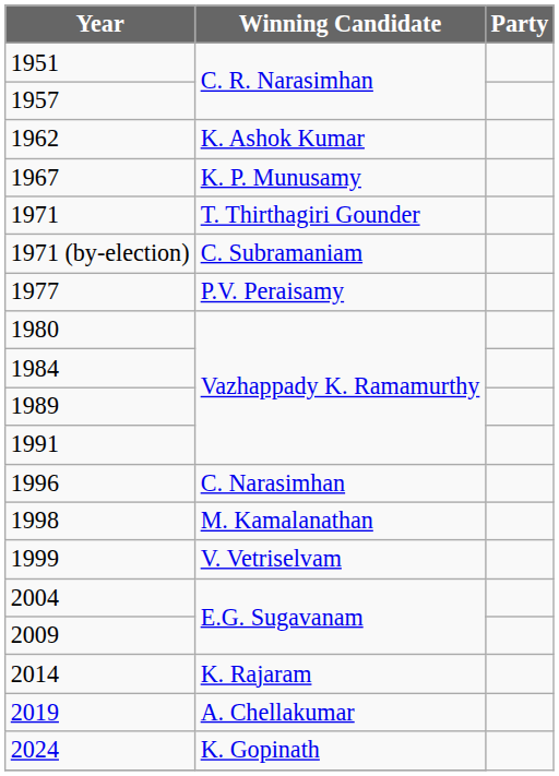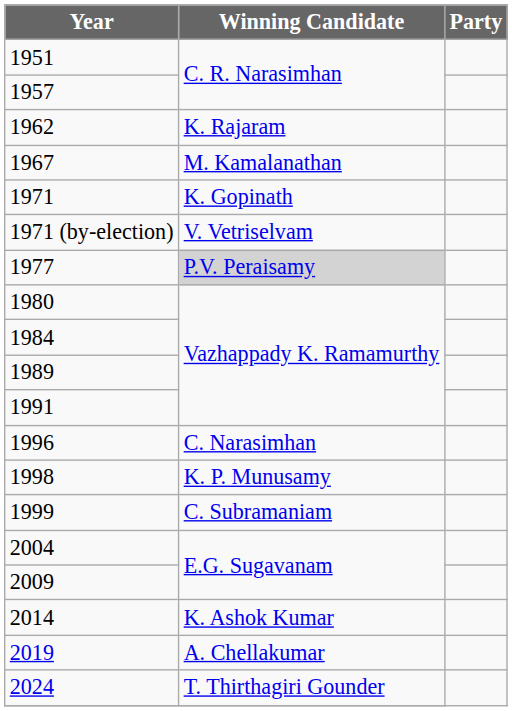 <table class="wikitable sortable">
 <tr>
 <th style="background-color:#666666; color:white">Year</th>
 <th style="background-color:#666666; color:white">Winning Candidate</th>
 <th style="background-color:#666666; color:white; " colspan="2">Party</th>
 </tr>
 <tr>
 <td>1951</td>
 <td rowspan="2"><a href='#'>C. R. Narasimhan</a></td>
 <td></td>
 </tr>
 <tr>
 <td>1957</td>
 <td></td>
 </tr>
 <tr>
 <td>1962</td>
-<td><a href='#'>K. Ashok Kumar</a></td>
+<td><a href='#'>K. Rajaram</a></td>
 <td></td>
 </tr>
 <tr>
 <td>1967</td>
-<td><a href='#'>K. P. Munusamy</a></td>
+<td><a href='#'>M. Kamalanathan</a></td>
 <td></td>
 </tr>
 <tr>
 <td>1971</td>
-<td><a href='#'>T. Thirthagiri Gounder</a></td>
+<td><a href='#'>K. Gopinath</a></td>
 <td></td>
 </tr>
 <tr>
 <td>1971 (by-election)</td>
-<td><a href='#'>C. Subramaniam</a></td>
+<td><a href='#'>V. Vetriselvam</a></td>
 <td></td>
 </tr>
 <tr>
 <td>1977</td>
-<td><a href='#'>P.V. Peraisamy</a></td>
+<td style="background: lightgrey;"><a href='#'>P.V. Peraisamy</a></td>
 <td></td>
 </tr>
 <tr>
 <td>1980</td>
 <td rowspan="4"><a href='#'>Vazhappady K. Ramamurthy</a></td>
 <td></td>
 </tr>
 <tr>
 <td>1984</td>
 <td></td>
 </tr>
 <tr>
 <td>1989</td>
 <td></td>
 </tr>
 <tr>
 <td>1991</td>
 <td></td>
 </tr>
 <tr>
 <td>1996</td>
 <td><a href='#'>C. Narasimhan</a></td>
 <td></td>
 </tr>
 <tr>
 <td>1998</td>
-<td><a href='#'>M. Kamalanathan</a></td>
+<td><a href='#'>K. P. Munusamy</a></td>
 <td></td>
 </tr>
 <tr>
 <td>1999</td>
-<td><a href='#'>V. Vetriselvam</a></td>
+<td><a href='#'>C. Subramaniam</a></td>
 <td></td>
 </tr>
 <tr>
 <td>2004</td>
 <td rowspan="2"><a href='#'>E.G. Sugavanam</a></td>
 <td></td>
 </tr>
 <tr>
 <td>2009</td>
 <td></td>
 </tr>
 <tr>
 <td>2014</td>
-<td><a href='#'>K. Rajaram</a></td>
+<td><a href='#'>K. Ashok Kumar</a></td>
 <td></td>
 </tr>
 <tr>
 <td><a href='#'>2019</a></td>
 <td><a href='#'>A. Chellakumar</a></td>
 <td></td>
 </tr>
 <tr>
 <td><a href='#'>2024</a></td>
-<td><a href='#'>K. Gopinath</a></td>
+<td><a href='#'>T. Thirthagiri Gounder</a></td>
 </tr>
 <tr>
 </tr>
 </table>
